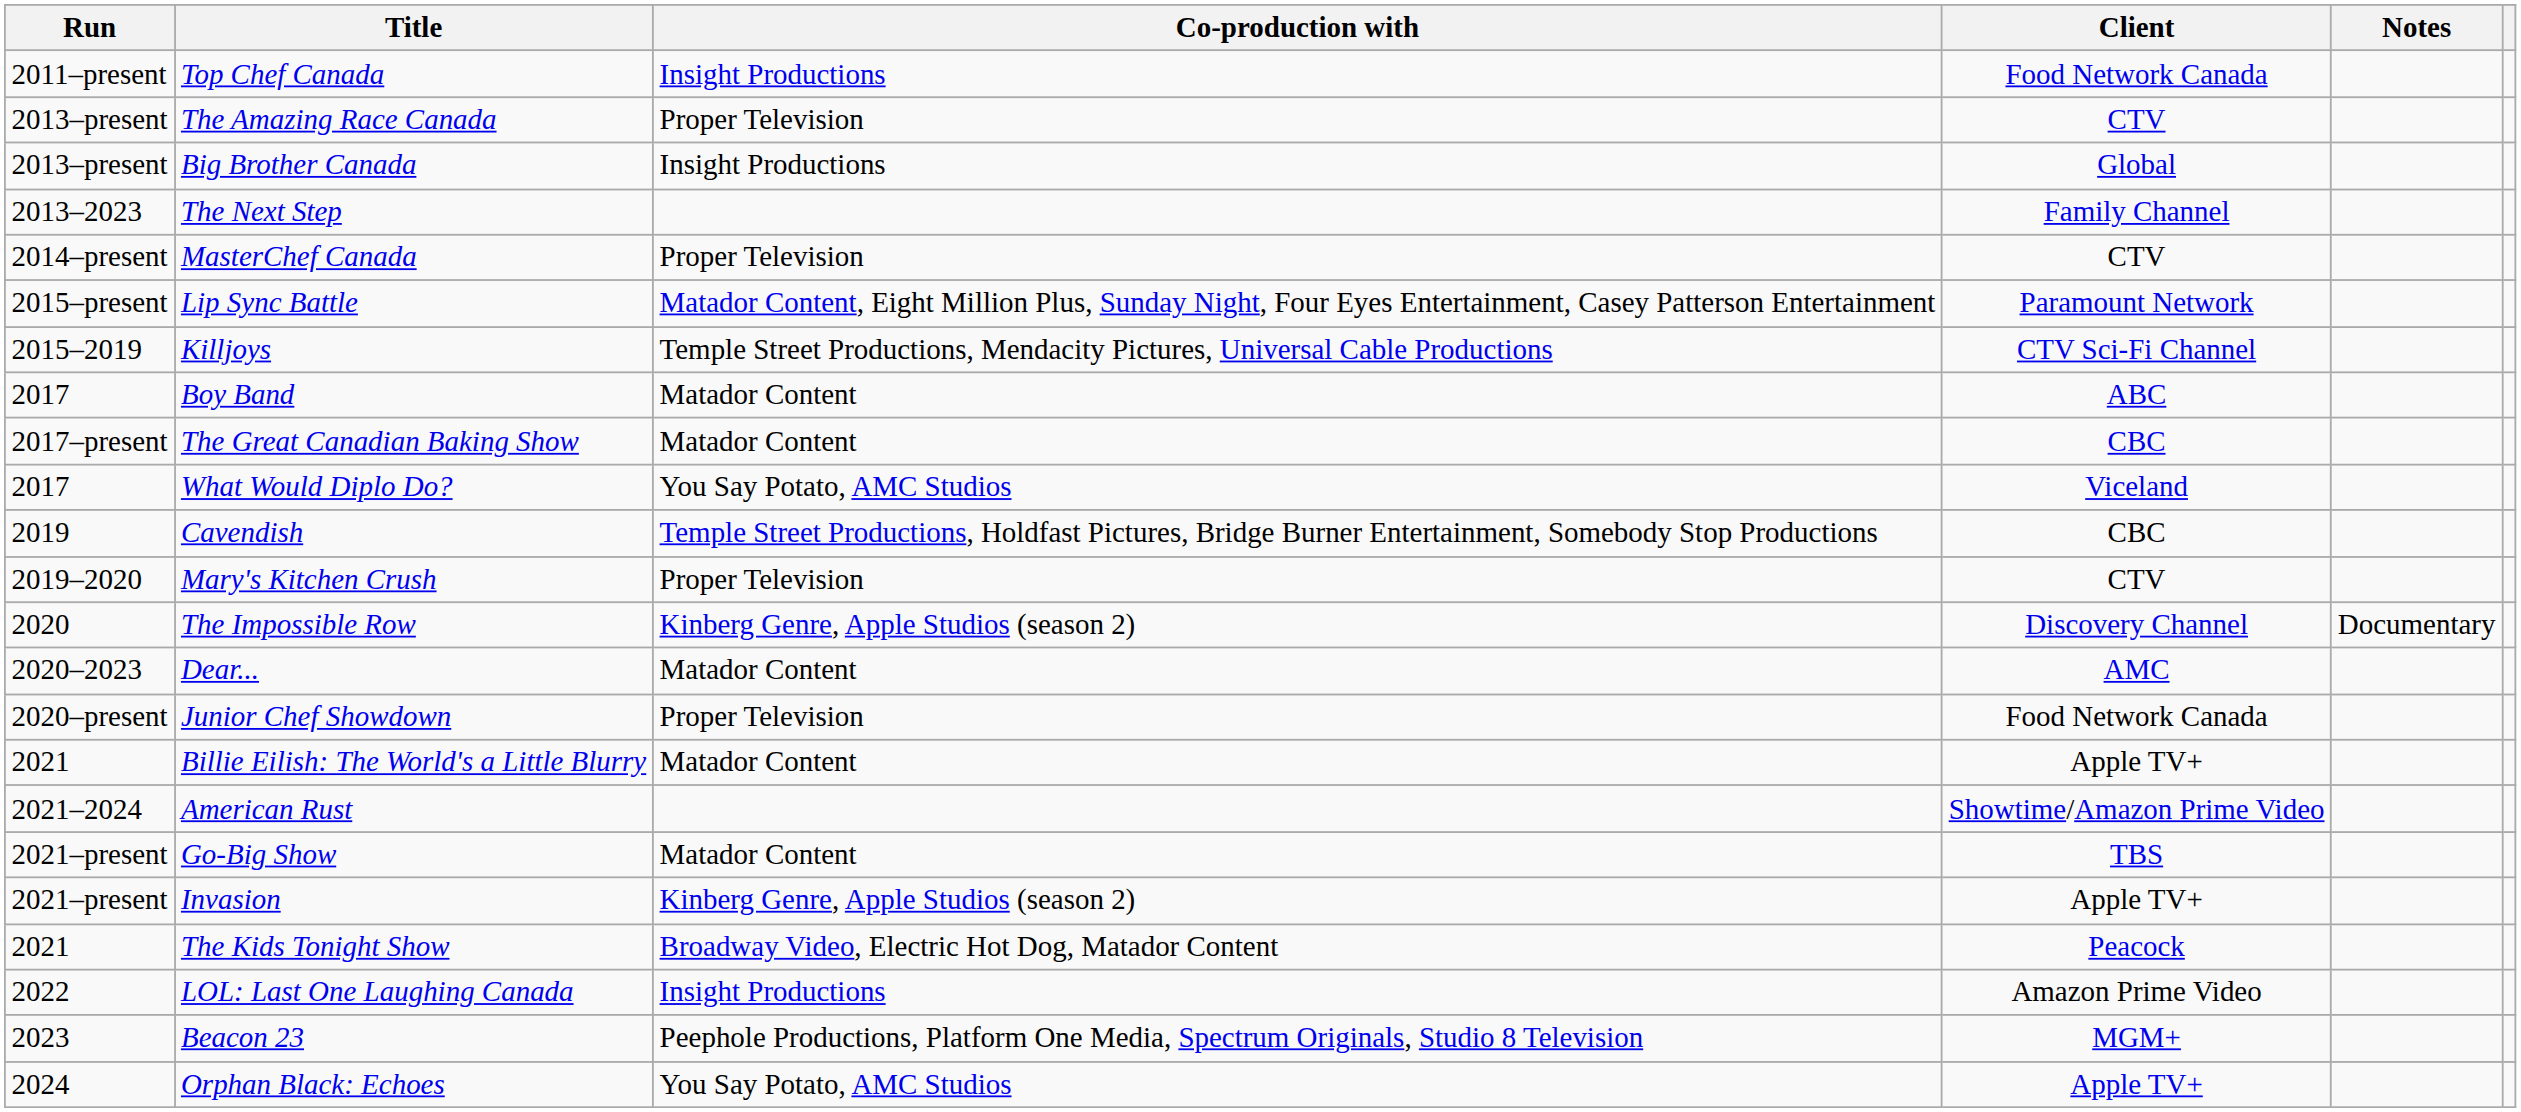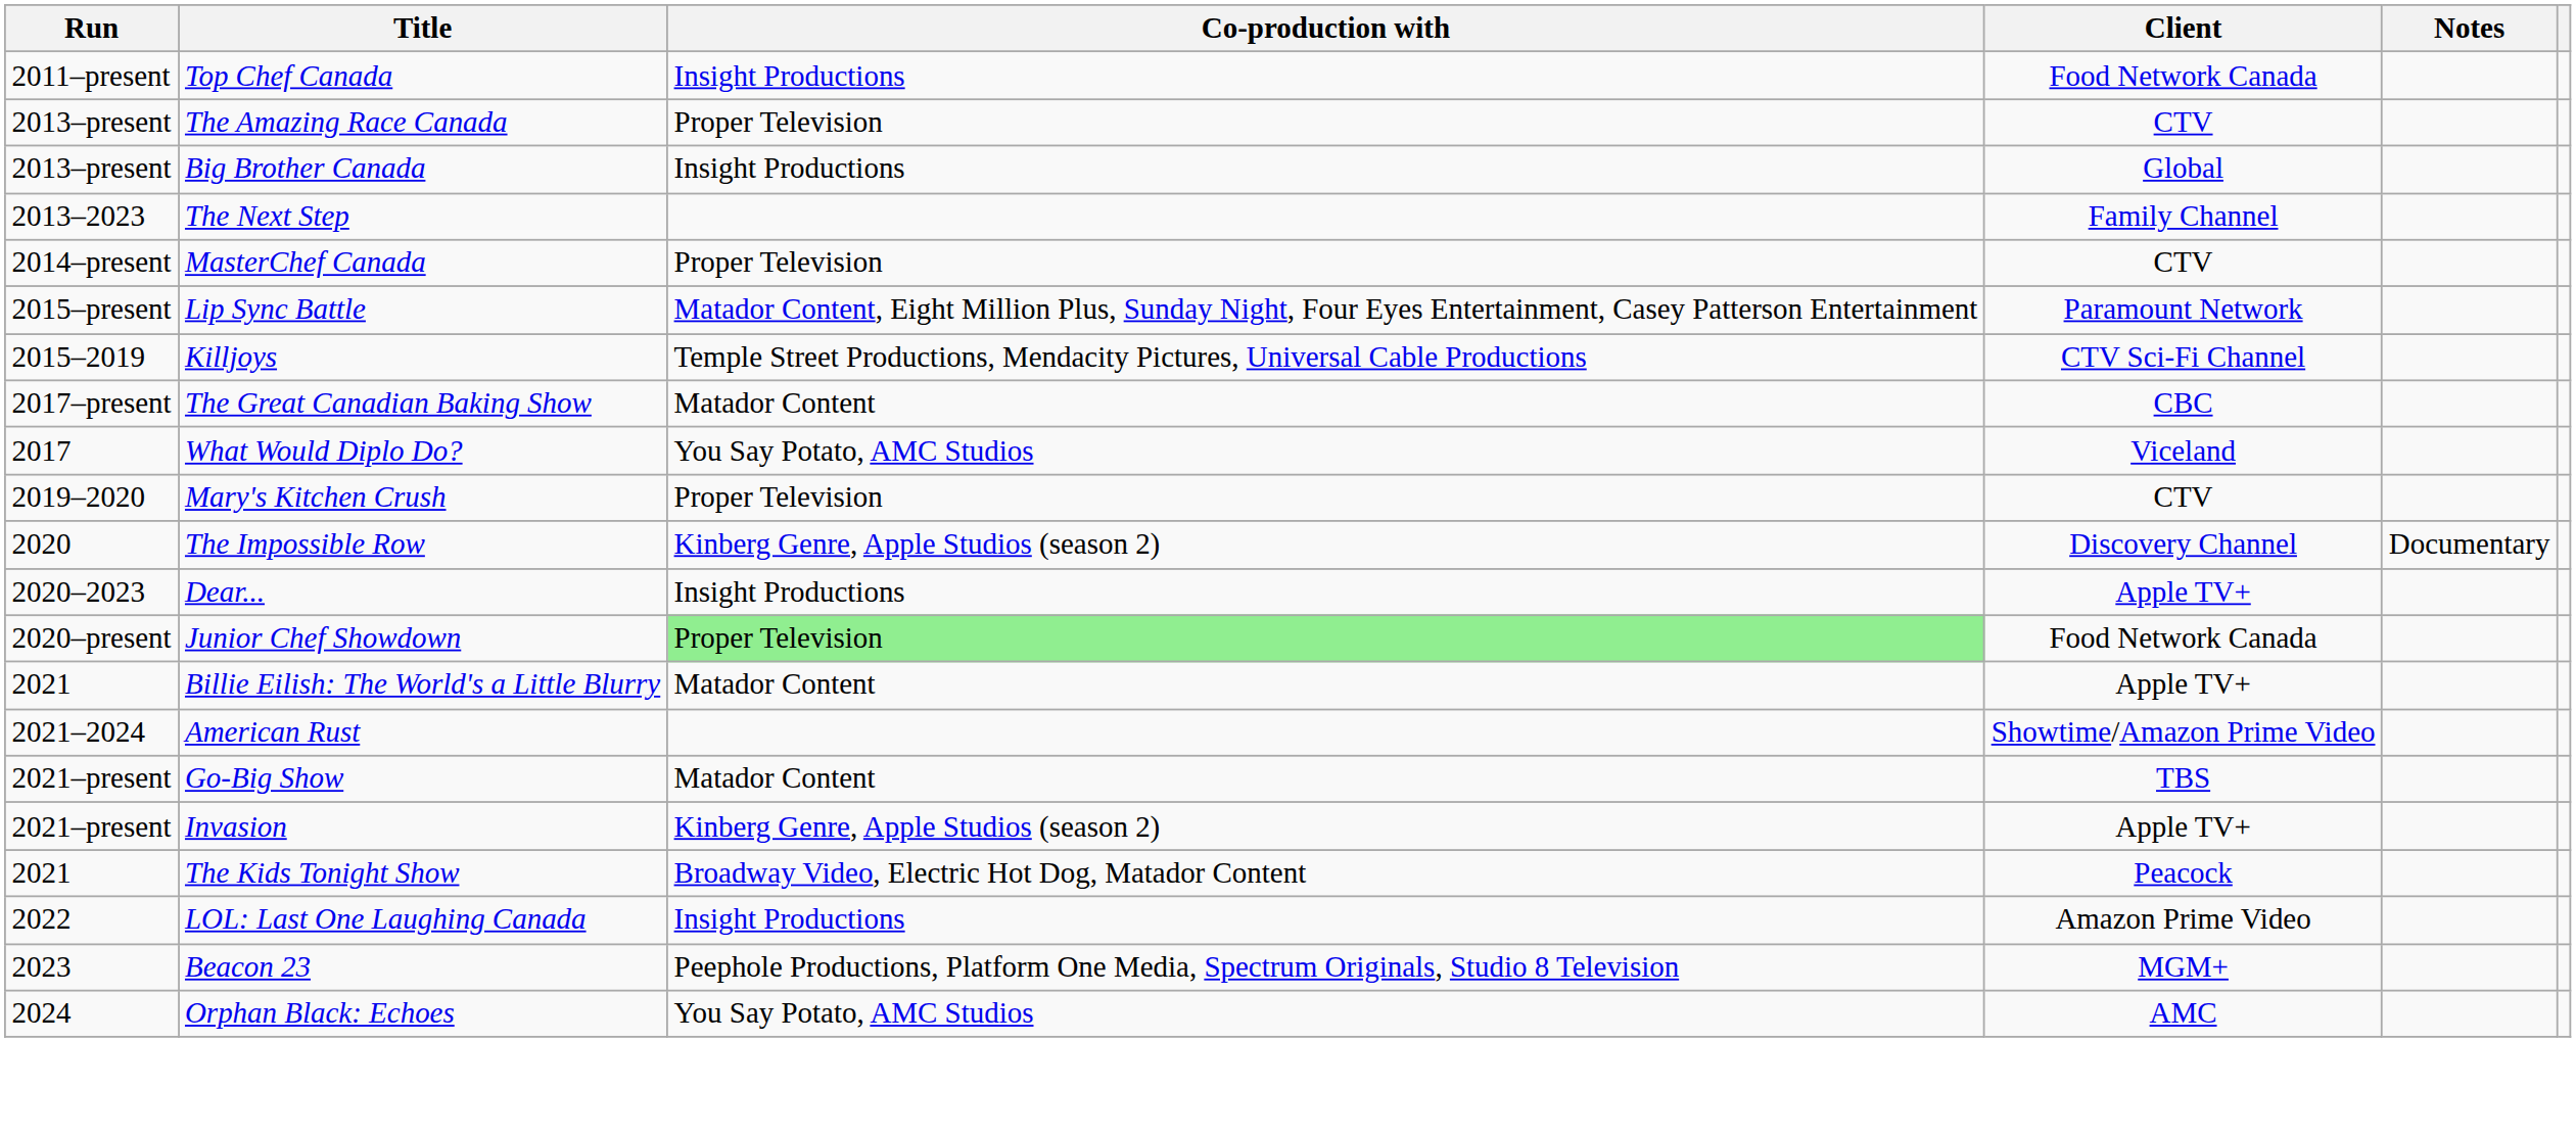 <table class="wikitable sortable">
 <tr>
 <th>Run</th>
 <th>Title</th>
 <th>Co-production with</th>
 <th>Client</th>
 <th>Notes</th>
 <th class="unsortable"></th>
 </tr>
 <tr>
 <td>2011–present</td>
 <td><em><a href='#'>Top Chef Canada</a></em></td>
 <td><a href='#'>Insight Productions</a></td>
 <td style="text-align:center"><a href='#'>Food Network Canada</a></td>
 <td></td>
 <td></td>
 </tr>
 <tr>
 <td>2013–present</td>
 <td><em><a href='#'>The Amazing Race Canada</a></em></td>
 <td>Proper Television</td>
 <td style="text-align:center"><a href='#'>CTV</a></td>
 <td></td>
 <td></td>
 </tr>
 <tr>
 <td>2013–present</td>
 <td><em><a href='#'>Big Brother Canada</a></em></td>
 <td>Insight Productions</td>
 <td style="text-align:center"><a href='#'>Global</a></td>
 <td></td>
 <td></td>
 </tr>
 <tr>
 <td>2013–2023</td>
 <td><em><a href='#'>The Next Step</a></em></td>
 <td></td>
 <td style="text-align:center"><a href='#'>Family Channel</a></td>
 <td></td>
 <td></td>
 </tr>
 <tr>
 <td>2014–present</td>
 <td><em><a href='#'>MasterChef Canada</a></em></td>
 <td>Proper Television</td>
 <td style="text-align:center">CTV</td>
 <td></td>
 <td></td>
 </tr>
 <tr>
 <td>2015–present</td>
 <td><em><a href='#'>Lip Sync Battle</a></em></td>
 <td><a href='#'>Matador Content</a>, Eight Million Plus, <a href='#'>Sunday Night</a>, Four Eyes Entertainment, Casey Patterson Entertainment</td>
 <td style="text-align:center"><a href='#'>Paramount Network</a></td>
 <td></td>
 <td></td>
 </tr>
 <tr>
 <td>2015–2019</td>
 <td><em><a href='#'>Killjoys</a></em></td>
 <td>Temple Street Productions, Mendacity Pictures, <a href='#'>Universal Cable Productions</a></td>
 <td style="text-align:center"><a href='#'>CTV Sci-Fi Channel</a></td>
 <td></td>
 <td></td>
 </tr>
 <tr>
-<td>2017</td>
-<td><em><a href='#'>Boy Band</a></em></td>
-<td>Matador Content</td>
-<td style="text-align:center"><a href='#'>ABC</a></td>
-<td></td>
-<td></td>
-</tr>
-<tr>
 <td>2017–present</td>
 <td><em><a href='#'>The Great Canadian Baking Show</a></em></td>
 <td>Matador Content</td>
 <td style="text-align:center"><a href='#'>CBC</a></td>
 <td></td>
 <td></td>
 </tr>
 <tr>
 <td>2017</td>
 <td><em><a href='#'>What Would Diplo Do?</a></em></td>
 <td>You Say Potato, <a href='#'>AMC Studios</a></td>
 <td style="text-align:center"><a href='#'>Viceland</a></td>
-<td></td>
-<td></td>
-</tr>
-<tr>
-<td>2019</td>
-<td><em><a href='#'>Cavendish</a></em></td>
-<td><a href='#'>Temple Street Productions</a>, Holdfast Pictures, Bridge Burner Entertainment, Somebody Stop Productions</td>
-<td style="text-align:center">CBC</td>
 <td></td>
 <td></td>
 </tr>
 <tr>
 <td>2019–2020</td>
 <td><em><a href='#'>Mary's Kitchen Crush</a></em></td>
 <td>Proper Television</td>
 <td style="text-align:center">CTV</td>
 <td></td>
 <td></td>
 </tr>
 <tr>
 <td>2020</td>
 <td><em><a href='#'>The Impossible Row</a></em></td>
 <td><a href='#'>Kinberg Genre</a>, <a href='#'>Apple Studios</a> (season 2)</td>
 <td style="text-align:center"><a href='#'>Discovery Channel</a></td>
 <td>Documentary</td>
 <td></td>
 </tr>
 <tr>
 <td>2020–2023</td>
 <td><em><a href='#'>Dear...</a></em></td>
-<td>Matador Content</td>
-<td style="text-align:center"><a href='#'>AMC</a></td>
+<td>Insight Productions</td>
+<td style="text-align:center"><a href='#'>Apple TV+</a></td>
 <td></td>
 <td></td>
 </tr>
 <tr>
 <td>2020–present</td>
 <td><em><a href='#'>Junior Chef Showdown</a></em></td>
-<td>Proper Television</td>
+<td style="background: lightgreen;">Proper Television</td>
 <td style="text-align:center">Food Network Canada</td>
 <td></td>
 <td></td>
 </tr>
 <tr>
 <td>2021</td>
 <td><em><a href='#'>Billie Eilish: The World's a Little Blurry</a></em></td>
 <td>Matador Content</td>
 <td style="text-align:center">Apple TV+</td>
 <td></td>
 <td></td>
 </tr>
 <tr>
 <td>2021–2024</td>
 <td><em><a href='#'>American Rust</a></em></td>
 <td></td>
 <td style="text-align:center"><a href='#'>Showtime</a>/<a href='#'>Amazon Prime Video</a></td>
 <td></td>
 <td></td>
 </tr>
 <tr>
 <td>2021–present</td>
 <td><em><a href='#'>Go-Big Show</a></em></td>
 <td>Matador Content</td>
 <td style="text-align:center"><a href='#'>TBS</a></td>
 <td></td>
 <td></td>
 </tr>
 <tr>
 <td>2021–present</td>
 <td><em><a href='#'>Invasion</a></em></td>
 <td><a href='#'>Kinberg Genre</a>, <a href='#'>Apple Studios</a> (season 2)</td>
 <td style="text-align:center">Apple TV+</td>
 <td></td>
 <td></td>
 </tr>
 <tr>
 <td>2021</td>
 <td><em><a href='#'>The Kids Tonight Show</a></em></td>
 <td><a href='#'>Broadway Video</a>, Electric Hot Dog, Matador Content</td>
 <td style="text-align:center"><a href='#'>Peacock</a></td>
 <td></td>
 <td></td>
 </tr>
 <tr>
 <td>2022</td>
 <td><em><a href='#'>LOL: Last One Laughing Canada</a></em></td>
 <td><a href='#'>Insight Productions</a></td>
 <td style="text-align:center">Amazon Prime Video</td>
 <td></td>
 <td></td>
 </tr>
 <tr>
 <td>2023</td>
 <td><em><a href='#'>Beacon 23</a></em></td>
 <td>Peephole Productions, Platform One Media, <a href='#'>Spectrum Originals</a>, <a href='#'>Studio 8 Television</a></td>
 <td style="text-align:center"><a href='#'>MGM+</a></td>
 <td></td>
 <td></td>
 </tr>
 <tr>
 <td>2024</td>
 <td><em><a href='#'>Orphan Black: Echoes</a></em></td>
 <td>You Say Potato, <a href='#'>AMC Studios</a></td>
-<td style="text-align:center"><a href='#'>Apple TV+</a></td>
+<td style="text-align:center"><a href='#'>AMC</a></td>
 <td></td>
 <td></td>
 </tr>
 </table>
